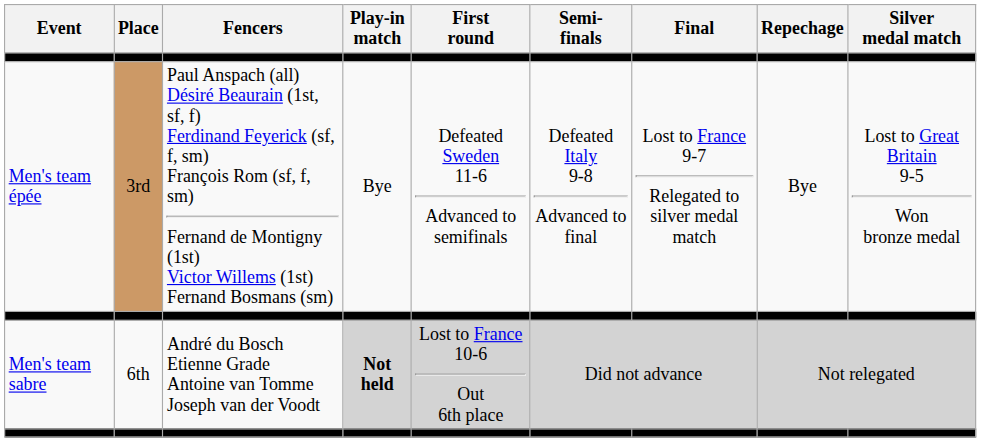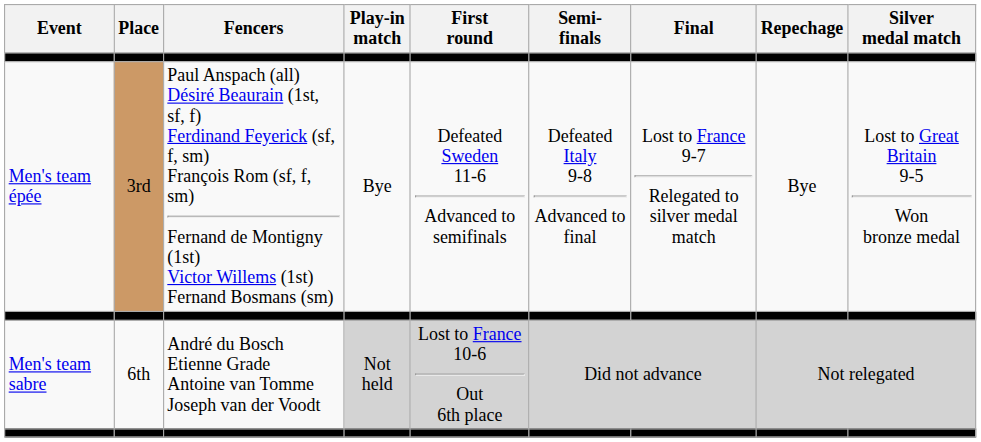 <table class=wikitable>
 <tr>
 <th>Event</th>
 <th>Place</th>
 <th>Fencers</th>
 <th>Play-in <br> match</th>
 <th>First <br> round</th>
 <th>Semi-<br>finals</th>
 <th>Final</th>
 <th>Repechage</th>
 <th>Silver <br> medal match</th>
 </tr>
 <tr bgcolor=black>
 <td></td>
 <td></td>
 <td></td>
 <td></td>
 <td></td>
 <td></td>
 <td></td>
 <td></td>
 <td></td>
 </tr>
 <tr align=center>
 <td align=left><a href='#'>Men's team épée</a></td>
 <td bgcolor=cc9966>3rd</td>
 <td align=left>Paul Anspach (all) <br> <a href='#'>Désiré Beaurain</a> (1st, sf, f) <br> <a href='#'>Ferdinand Feyerick</a> (sf, f, sm) <br> François Rom (sf, f, sm) <hr> Fernand de Montigny (1st) <br> <a href='#'>Victor Willems</a> (1st) <br> Fernand Bosmans (sm)</td>
 <td>Bye</td>
 <td>Defeated <a href='#'>Sweden</a> <br> 11-6 <hr> Advanced to <br> semifinals</td>
 <td>Defeated <a href='#'>Italy</a> <br> 9-8 <hr> Advanced to <br> final</td>
 <td>Lost to <a href='#'>France</a> <br> 9-7 <hr> Relegated to <br> silver medal match</td>
 <td>Bye</td>
 <td>Lost to <a href='#'>Great Britain</a> <br> 9-5 <hr> Won <br> bronze medal</td>
 </tr>
 <tr bgcolor=black>
 <td></td>
 <td></td>
 <td></td>
 <td></td>
 <td></td>
 <td></td>
 <td></td>
 <td></td>
 <td></td>
 </tr>
 <tr align=center>
 <td align=left><a href='#'>Men's team sabre</a></td>
 <td>6th</td>
 <td align=left>André du Bosch <br> Etienne Grade <br> Antoine van Tomme <br> Joseph van der Voodt</td>
-<td bgcolor=lightgray><strong>Not held</strong></td>
+<td bgcolor=lightgray>Not held</td>
 <td style="background: lightgrey;">Lost to <a href='#'>France</a> <br> 10-6 <hr> Out <br> 6th place</td>
 <td colspan=2 bgcolor=lightgray>Did not advance</td>
 <td colspan=2 bgcolor=lightgray>Not relegated</td>
 </tr>
 <tr bgcolor=black>
 <td></td>
 <td></td>
 <td></td>
 <td></td>
 <td></td>
 <td></td>
 <td></td>
 <td></td>
 <td></td>
 </tr>
 </table>
